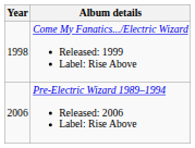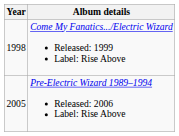 <table class="wikitable">
 <tr>
 <th>Year</th>
 <th>Album details</th>
 </tr>
 <tr>
 <td>1998</td>
 <td><em><a href='#'>Come My Fanatics.../Electric Wizard</a></em><br><ul><li>Released: 1999</li><li>Label: Rise Above</li></ul></td>
 </tr>
 <tr>
-<td>2006</td>
+<td>2005</td>
 <td><em><a href='#'>Pre-Electric Wizard 1989–1994</a></em><br><ul><li>Released: 2006</li><li>Label: Rise Above</li></ul></td>
 </tr>
 </table>
